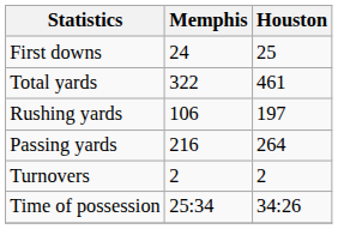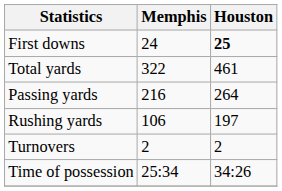 <table class="wikitable">
 <tr>
 <th>Statistics</th>
 <th>Memphis</th>
 <th>Houston</th>
 </tr>
 <tr>
 <td>First downs</td>
 <td>24</td>
-<td>25</td>
+<td><strong>25</strong></td>
 </tr>
 <tr>
 <td>Total yards</td>
 <td>322</td>
 <td>461</td>
 </tr>
 <tr>
+<td>Passing yards</td>
+<td>216</td>
+<td>264</td>
+</tr>
+<tr>
 <td>Rushing yards</td>
 <td>106</td>
 <td>197</td>
-</tr>
-<tr>
-<td>Passing yards</td>
-<td>216</td>
-<td>264</td>
 </tr>
 <tr>
 <td>Turnovers</td>
 <td>2</td>
 <td>2</td>
 </tr>
 <tr>
 <td>Time of possession</td>
 <td>25:34</td>
 <td>34:26</td>
 </tr>
 <tr>
 </tr>
 </table>
